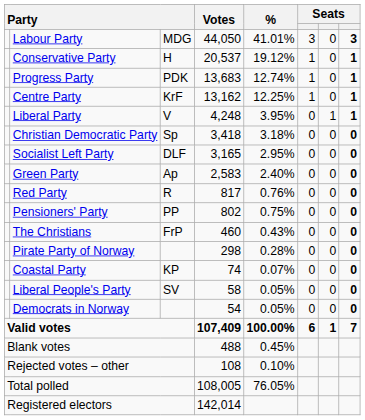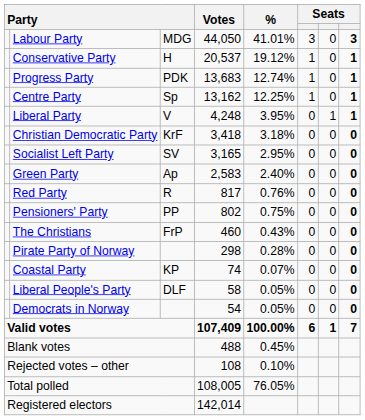 <table class="wikitable" border="1" style="text-align:right;">
 <tr>
 <th style="text-align:left;" valign=bottom rowspan=2 colspan=3>Party</th>
 <th align=center valign=bottom rowspan=2 width="50">Votes</th>
 <th align=center valign=bottom rowspan=2 width="50">%</th>
 <th colspan=3>Seats</th>
 </tr>
 <tr>
 <th align=center valign=bottom width="20"><small></small></th>
 <th align=center valign=bottom width="20"><small><a href='#'></a></small></th>
 <th align=center valign=bottom width="20"><small></small></th>
 </tr>
 <tr>
 <td style="color:inherit;background:"></td>
 <td align=left><a href='#'>Labour Party</a></td>
 <td align=left>MDG</td>
 <td>44,050</td>
 <td>41.01%</td>
 <td>3</td>
 <td>0</td>
 <td><strong>3</strong></td>
 </tr>
 <tr>
 <td style="color:inherit;background:"></td>
 <td align=left><a href='#'>Conservative Party</a></td>
 <td align=left>H</td>
 <td>20,537</td>
 <td>19.12%</td>
 <td>1</td>
 <td>0</td>
 <td><strong>1</strong></td>
 </tr>
 <tr>
 <td style="color:inherit;background:"></td>
 <td align=left><a href='#'>Progress Party</a></td>
 <td align=left>PDK</td>
 <td>13,683</td>
 <td>12.74%</td>
 <td>1</td>
 <td>0</td>
 <td><strong>1</strong></td>
 </tr>
 <tr>
 <td style="color:inherit;background:"></td>
 <td align=left><a href='#'>Centre Party</a></td>
-<td align=left>KrF</td>
+<td align=left>Sp</td>
 <td>13,162</td>
 <td>12.25%</td>
 <td>1</td>
 <td>0</td>
 <td><strong>1</strong></td>
 </tr>
 <tr>
 <td style="color:inherit;background:"></td>
 <td align=left><a href='#'>Liberal Party</a></td>
 <td align=left>V</td>
 <td>4,248</td>
 <td>3.95%</td>
 <td>0</td>
 <td>1</td>
 <td><strong>1</strong></td>
 </tr>
 <tr>
 <td style="color:inherit;background:"></td>
 <td align=left><a href='#'>Christian Democratic Party</a></td>
-<td align=left>Sp</td>
+<td align=left>KrF</td>
 <td>3,418</td>
 <td>3.18%</td>
 <td>0</td>
 <td>0</td>
 <td><strong>0</strong></td>
 </tr>
 <tr>
 <td style="color:inherit;background:"></td>
 <td align=left><a href='#'>Socialist Left Party</a></td>
-<td align=left>DLF</td>
+<td align=left>SV</td>
 <td>3,165</td>
 <td>2.95%</td>
 <td>0</td>
 <td>0</td>
 <td><strong>0</strong></td>
 </tr>
 <tr>
 <td style="color:inherit;background:"></td>
 <td align=left><a href='#'>Green Party</a></td>
 <td align=left>Ap</td>
 <td>2,583</td>
 <td>2.40%</td>
 <td>0</td>
 <td>0</td>
 <td><strong>0</strong></td>
 </tr>
 <tr>
 <td style="color:inherit;background:"></td>
 <td align=left><a href='#'>Red Party</a></td>
 <td align=left>R</td>
 <td>817</td>
 <td>0.76%</td>
 <td>0</td>
 <td>0</td>
 <td><strong>0</strong></td>
 </tr>
 <tr>
 <td style="color:inherit;background:"></td>
 <td align=left><a href='#'>Pensioners' Party</a></td>
 <td align=left>PP</td>
 <td>802</td>
 <td>0.75%</td>
 <td>0</td>
 <td>0</td>
 <td><strong>0</strong></td>
 </tr>
 <tr>
 <td style="color:inherit;background:"></td>
 <td align=left><a href='#'>The Christians</a></td>
 <td align=left>FrP</td>
 <td>460</td>
 <td>0.43%</td>
 <td>0</td>
 <td>0</td>
 <td><strong>0</strong></td>
 </tr>
 <tr>
 <td style="color:inherit;background:"></td>
 <td align=left><a href='#'>Pirate Party of Norway</a></td>
 <td align=left></td>
 <td>298</td>
 <td>0.28%</td>
 <td>0</td>
 <td>0</td>
 <td><strong>0</strong></td>
 </tr>
 <tr>
 <td style="color:inherit;background:"></td>
 <td align=left><a href='#'>Coastal Party</a></td>
 <td align=left>KP</td>
 <td>74</td>
 <td>0.07%</td>
 <td>0</td>
 <td>0</td>
 <td><strong>0</strong></td>
 </tr>
 <tr>
 <td style="color:inherit;background:"></td>
 <td align=left><a href='#'>Liberal People's Party</a></td>
-<td align=left>SV</td>
+<td align=left>DLF</td>
 <td>58</td>
 <td>0.05%</td>
 <td>0</td>
 <td>0</td>
 <td><strong>0</strong></td>
 </tr>
 <tr>
 <td style="color:inherit;background:"></td>
 <td align=left><a href='#'>Democrats in Norway</a></td>
 <td align=left></td>
 <td>54</td>
 <td>0.05%</td>
 <td>0</td>
 <td>0</td>
 <td><strong>0</strong></td>
 </tr>
 <tr style="font-weight:bold">
 <td align=left colspan=3>Valid votes</td>
 <td>107,409</td>
 <td>100.00%</td>
 <td>6</td>
 <td>1</td>
 <td>7</td>
 </tr>
 <tr>
 <td align=left colspan=3>Blank votes</td>
 <td>488</td>
 <td>0.45%</td>
 <td></td>
 <td></td>
 <td></td>
 </tr>
 <tr>
 <td align=left colspan=3>Rejected votes – other</td>
 <td>108</td>
 <td>0.10%</td>
 <td></td>
 <td></td>
 <td></td>
 </tr>
 <tr>
 <td align=left colspan=3>Total polled</td>
 <td>108,005</td>
 <td>76.05%</td>
 <td></td>
 <td></td>
 <td></td>
 </tr>
 <tr>
 <td align=left colspan=3>Registered electors</td>
 <td>142,014</td>
 <td></td>
 <td></td>
 <td></td>
 <td></td>
 </tr>
 </table>
